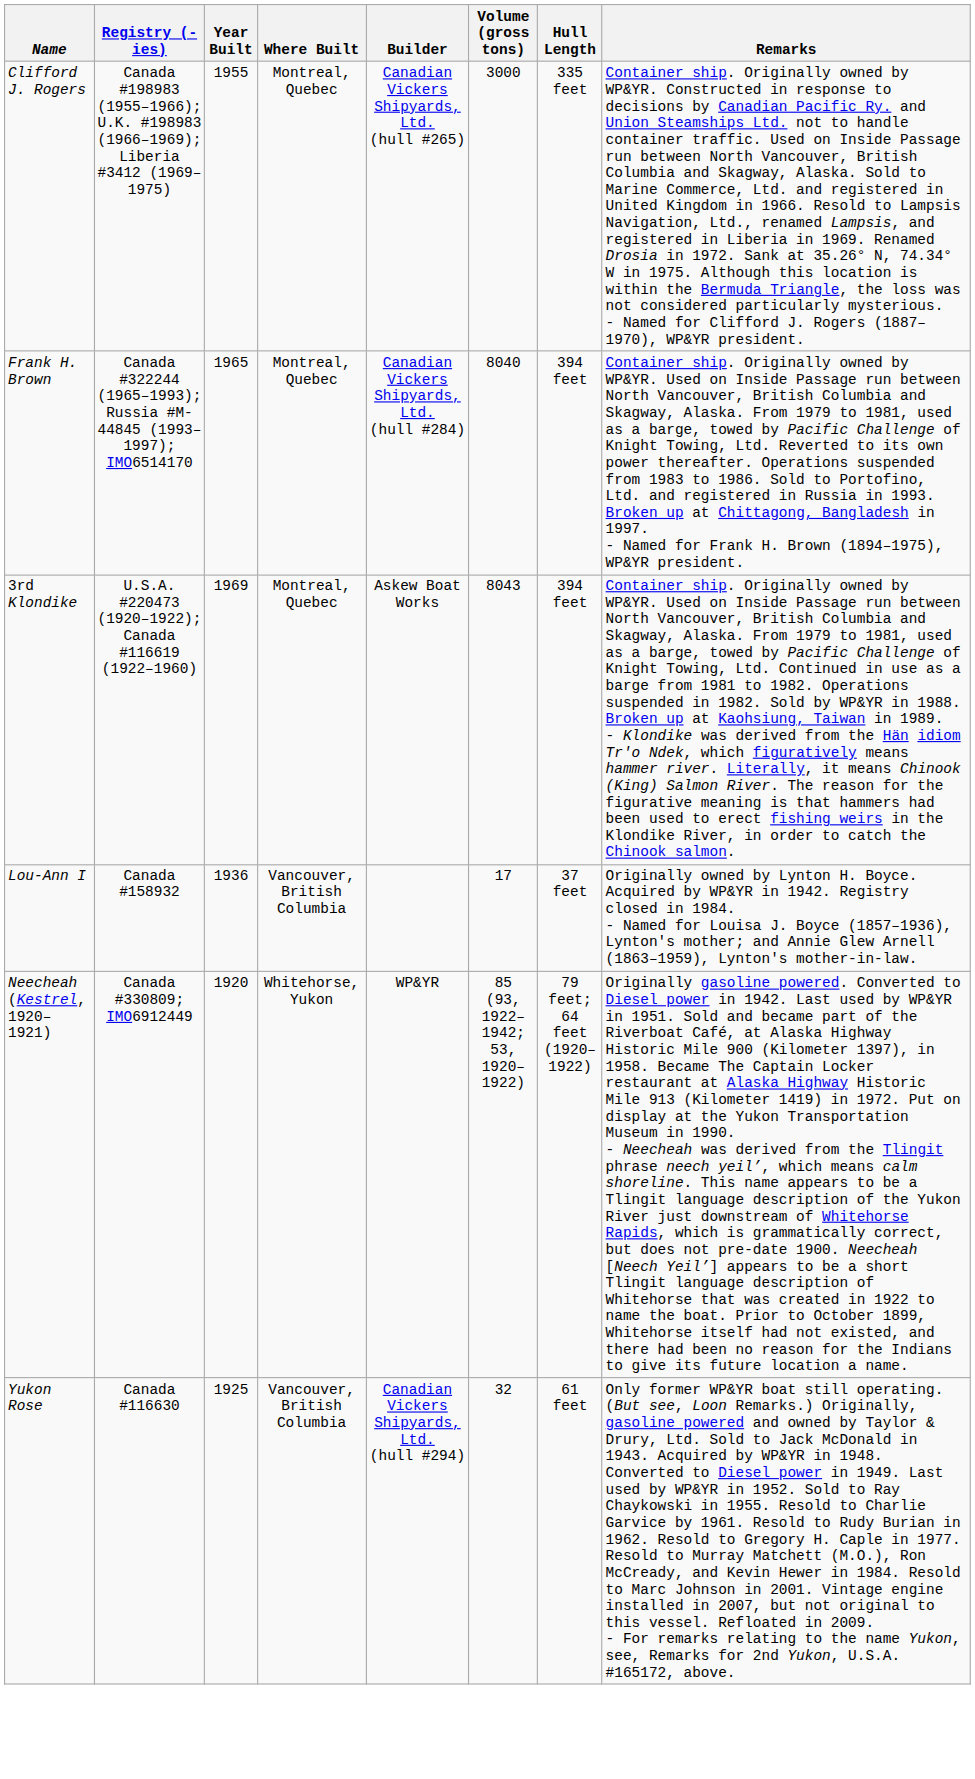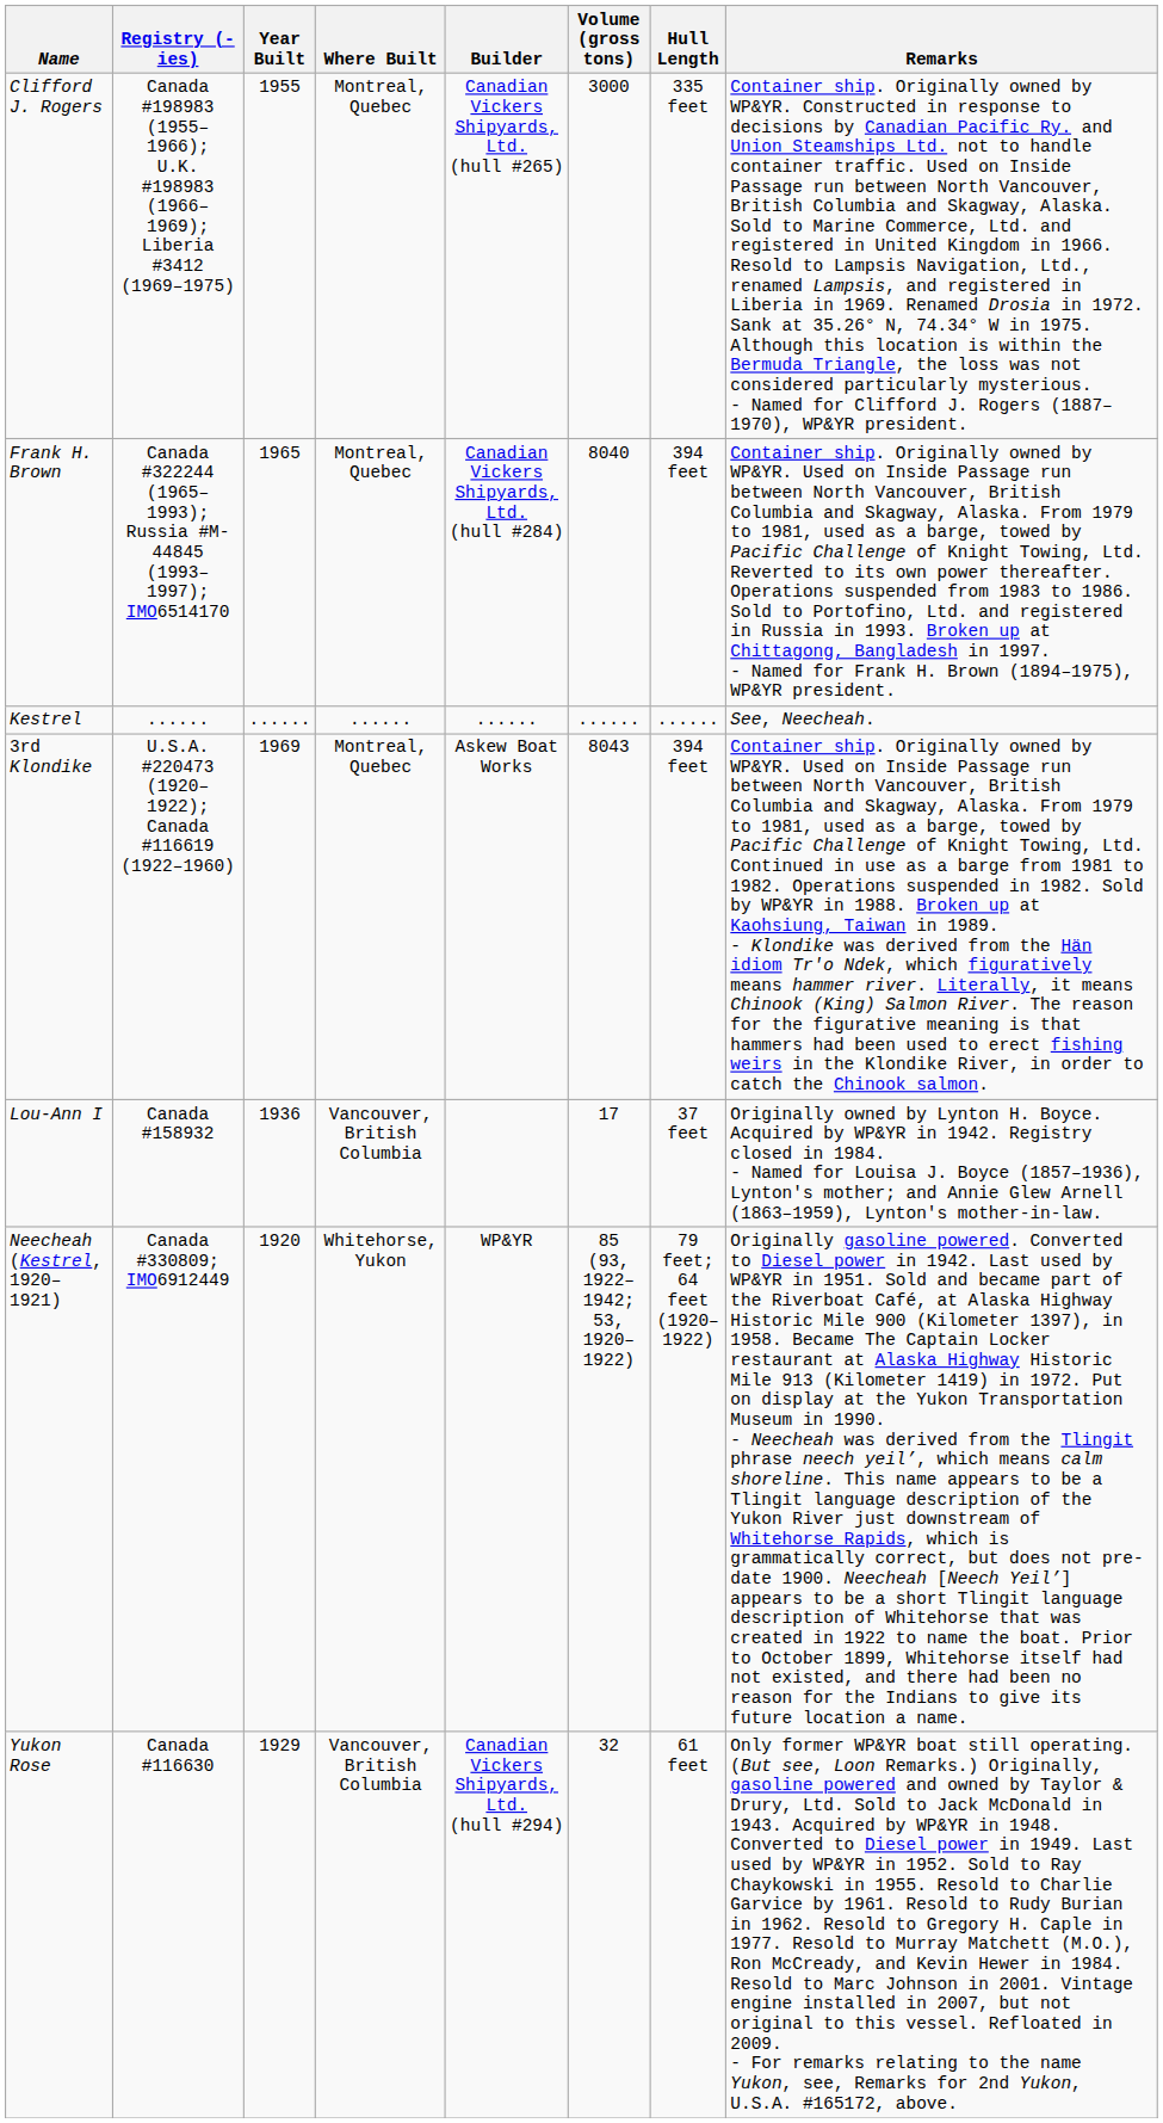 <table class="wikitable">
 <tr style="vertical-align:bottom">
 <th><em>Name</em></th>
 <th><a href='#'>Registry (-ies)</a></th>
 <th>Year Built</th>
 <th>Where Built</th>
 <th>Builder</th>
 <th>Volume (gross tons)</th>
 <th>Hull Length</th>
 <th>Remarks<br></th>
 </tr>
 <tr style="vertical-align:top; text-align:center">
 <td style="text-align:left"><em>Clifford J. Rogers</em></td>
 <td>Canada #198983 (1955–1966);<br>U.K. #198983 (1966–1969); Liberia #3412 (1969–1975)</td>
 <td>1955</td>
 <td>Montreal, Quebec</td>
 <td><a href='#'>Canadian Vickers Shipyards, Ltd.</a><br>(hull #265)</td>
 <td>3000</td>
 <td>335 feet</td>
 <td style="text-align:left"><a href='#'>Container ship</a>.  Originally owned by WP&YR. Constructed in response to decisions by <a href='#'>Canadian Pacific Ry.</a> and <a href='#'>Union Steamships Ltd.</a> not to handle container traffic. Used on Inside Passage run between North Vancouver, British Columbia and Skagway, Alaska. Sold to Marine Commerce, Ltd. and registered in United Kingdom in 1966. Resold to Lampsis Navigation, Ltd., renamed <em>Lampsis</em>, and registered in Liberia in 1969. Renamed <em>Drosia</em> in 1972. Sank at 35.26° N, 74.34° W in 1975. Although this location is within the <a href='#'>Bermuda Triangle</a>, the loss was not considered particularly mysterious.<br>- Named for Clifford J. Rogers (1887–1970), WP&YR president.<br></td>
 </tr>
 <tr style="vertical-align:top; text-align:center">
 <td style="text-align:left"><em>Frank H. Brown</em></td>
 <td>Canada #322244 (1965–1993);<br>Russia #M-44845 (1993–1997); <a href='#'>IMO</a>6514170</td>
 <td>1965</td>
 <td>Montreal, Quebec</td>
 <td><a href='#'>Canadian Vickers Shipyards, Ltd.</a><br>(hull #284)</td>
 <td>8040</td>
 <td>394 feet</td>
 <td style="text-align:left"><a href='#'>Container ship</a>.  Originally owned by WP&YR. Used on Inside Passage run between North Vancouver, British Columbia and Skagway, Alaska. From 1979 to 1981, used as a barge, towed by <em>Pacific Challenge</em> of Knight Towing, Ltd. Reverted to its own power thereafter.  Operations suspended from 1983 to 1986.  Sold to Portofino, Ltd. and registered in Russia in 1993. <a href='#'>Broken up</a> at <a href='#'>Chittagong, Bangladesh</a> in 1997.<br>- Named for Frank H. Brown (1894–1975), WP&YR president.<br></td>
+</tr>
+<tr style="vertical-align:top; text-align:center">
+<td style="text-align:left"><em>Kestrel</em></td>
+<td>......</td>
+<td>......</td>
+<td>......</td>
+<td>......</td>
+<td>......</td>
+<td>......</td>
+<td style="text-align:left"><em>See</em>, <em>Neecheah</em>.<br></td>
 </tr>
 <tr style="vertical-align:top; text-align:center">
 <td style="text-align:left">3rd <em>Klondike</em></td>
 <td>U.S.A. #220473 (1920–1922);<br>Canada #116619 (1922–1960)</td>
 <td>1969</td>
 <td>Montreal, Quebec</td>
 <td>Askew Boat Works</td>
 <td>8043</td>
 <td>394 feet</td>
 <td style="text-align:left"><a href='#'>Container ship</a>.  Originally owned by WP&YR. Used on Inside Passage run between North Vancouver, British Columbia and Skagway, Alaska. From 1979 to 1981, used as a barge, towed by <em>Pacific Challenge</em> of Knight Towing, Ltd.  Continued in use as a barge from 1981 to 1982.  Operations suspended in 1982.  Sold by WP&YR in 1988. <a href='#'>Broken up</a> at <a href='#'>Kaohsiung, Taiwan</a> in 1989.<br>- <em>Klondike</em> was derived from the <a href='#'>Hän</a> <a href='#'>idiom</a> <em>Tr'o Ndek</em>, which <a href='#'>figuratively</a> means <em>hammer river</em>.  <a href='#'>Literally</a>, it means <em>Chinook (King) Salmon River</em>.  The reason for the figurative meaning is that hammers had been used to erect <a href='#'>fishing weirs</a> in the Klondike River, in order to catch the <a href='#'>Chinook salmon</a>.<br></td>
 </tr>
 <tr style="vertical-align:top; text-align:center">
 <td style="text-align:left"><em>Lou-Ann I</em></td>
 <td>Canada #158932</td>
 <td>1936</td>
 <td>Vancouver, British Columbia</td>
 <td></td>
 <td>17</td>
 <td>37 feet</td>
 <td style="text-align:left">Originally owned by Lynton H. Boyce. Acquired by WP&YR in 1942. Registry closed in 1984.<br>- Named for Louisa J. Boyce (1857–1936), Lynton's mother; and Annie Glew Arnell (1863–1959), Lynton's mother-in-law.<br></td>
 </tr>
 <tr style="vertical-align:top; text-align:center">
 <td style="text-align:left"><em>Neecheah</em><br>(<em><a href='#'>Kestrel</a></em>, 1920–1921)</td>
 <td>Canada #330809;<br><a href='#'>IMO</a>6912449</td>
 <td>1920</td>
 <td>Whitehorse, Yukon</td>
 <td>WP&YR</td>
 <td>85<br>(93, 1922–1942; 53, 1920–1922)</td>
 <td>79 feet;<br>64 feet (1920–1922)</td>
 <td style="text-align:left">Originally <a href='#'>gasoline powered</a>. Converted to <a href='#'>Diesel power</a> in 1942. Last used by WP&YR in 1951. Sold and became part of the Riverboat Café, at Alaska Highway Historic Mile 900 (Kilometer 1397), in 1958.  Became The Captain Locker restaurant at <a href='#'>Alaska Highway</a> Historic Mile 913 (Kilometer 1419) in 1972. Put on display at the Yukon Transportation Museum in 1990.<br>- <em>Neecheah</em> was derived from the <a href='#'>Tlingit</a> phrase <em>neech yeil’</em>, which means <em>calm shoreline</em>.  This name appears to be a Tlingit language description of the Yukon River just downstream of <a href='#'>Whitehorse Rapids</a>, which is grammatically correct, but does not pre-date 1900.  <em>Neecheah</em> [<em>Neech Yeil’</em>] appears to be a short Tlingit language description of Whitehorse that was created in 1922 to name the boat.  Prior to October 1899, Whitehorse itself had not existed, and there had been no reason for the Indians to give its future location a name.<br></td>
 </tr>
 <tr style="vertical-align:top; text-align:center">
 <td style="text-align:left"><em>Yukon Rose</em></td>
 <td>Canada #116630</td>
-<td>1925</td>
+<td>1929</td>
 <td>Vancouver, British Columbia</td>
 <td><a href='#'>Canadian Vickers Shipyards, Ltd.</a><br>(hull #294)</td>
 <td>32</td>
 <td>61 feet</td>
 <td style="text-align:left">Only former WP&YR boat still operating. (<em>But see</em>, <em>Loon</em> Remarks.)  Originally, <a href='#'>gasoline powered</a> and owned by Taylor & Drury, Ltd. Sold to Jack McDonald in 1943. Acquired by WP&YR in 1948. Converted to <a href='#'>Diesel power</a> in 1949. Last used by WP&YR in 1952. Sold to Ray Chaykowski in 1955.  Resold to Charlie Garvice by 1961.  Resold to Rudy Burian in 1962.  Resold to Gregory H. Caple in 1977. Resold to Murray Matchett (M.O.), Ron McCready, and Kevin Hewer in 1984. Resold to Marc Johnson in 2001. Vintage engine installed in 2007, but not original to this vessel. Refloated in 2009.<br>- For remarks relating to the name <em>Yukon</em>, see, Remarks for 2nd <em>Yukon</em>, U.S.A. #165172, above.</td>
 </tr>
 </table>
